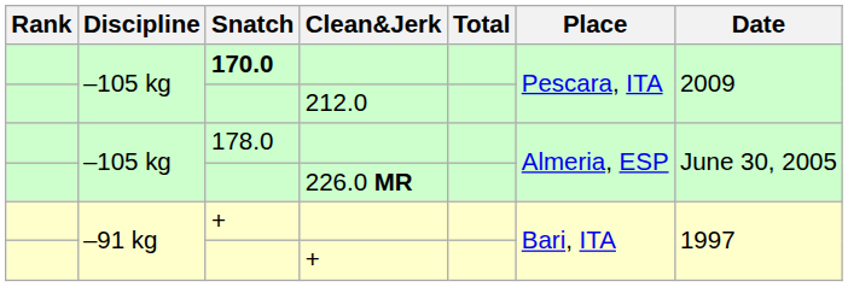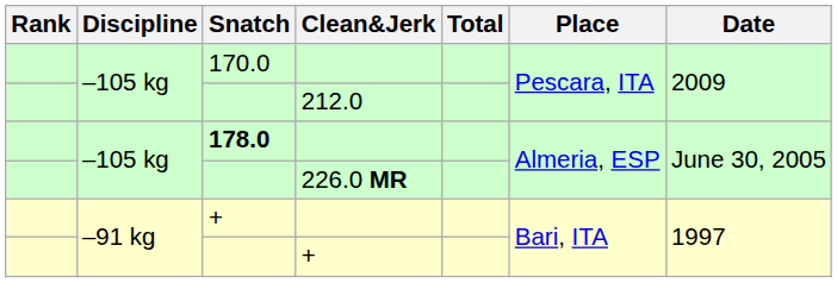 <table class="wikitable">
 <tr>
 <th>Rank</th>
 <th>Discipline</th>
 <th>Snatch</th>
 <th>Clean&Jerk</th>
 <th>Total</th>
 <th>Place</th>
 <th>Date</th>
 </tr>
 <tr bgcolor=#CCFFCC>
 <td></td>
 <td rowspan=2>–105 kg</td>
-<td><strong>170.0</strong></td>
+<td>170.0</td>
 <td></td>
 <td></td>
 <td rowspan=2><a href='#'>Pescara</a>, <a href='#'>ITA</a></td>
 <td rowspan=2>2009</td>
 </tr>
 <tr bgcolor=#CCFFCC>
 <td></td>
 <td></td>
 <td>212.0</td>
 <td></td>
 </tr>
 <tr bgcolor=#CCFFCC>
 <td></td>
 <td rowspan=2>–105 kg</td>
-<td>178.0</td>
+<td><strong>178.0</strong></td>
 <td></td>
 <td></td>
 <td rowspan=2><a href='#'>Almeria</a>, <a href='#'>ESP</a></td>
 <td rowspan=2>June 30, 2005</td>
 </tr>
 <tr bgcolor=#CCFFCC>
 <td></td>
 <td></td>
 <td>226.0 <strong>MR</strong></td>
 <td></td>
 </tr>
 <tr bgcolor=#FFFFCC>
 <td></td>
 <td rowspan=2>–91 kg</td>
 <td>+</td>
 <td></td>
 <td></td>
 <td rowspan=2><a href='#'>Bari</a>, <a href='#'>ITA</a></td>
 <td rowspan=2>1997</td>
 </tr>
 <tr bgcolor=#FFFFCC>
 <td></td>
 <td></td>
 <td>+</td>
 <td></td>
 </tr>
 </table>
